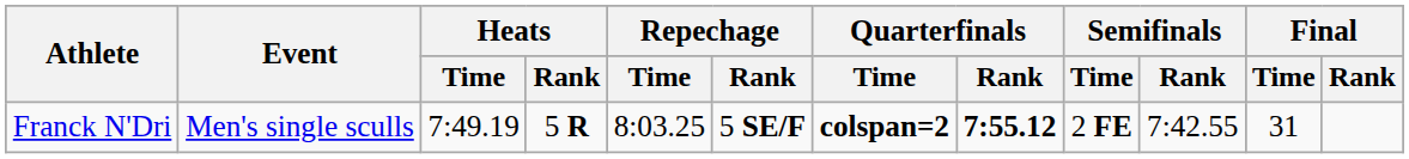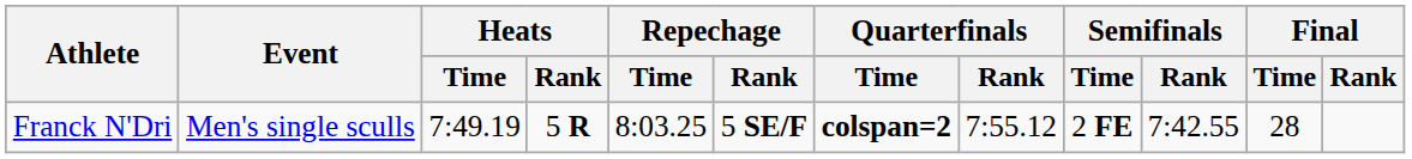 <table class="wikitable" style="font-size:90%">
 <tr>
 <th rowspan="2">Athlete</th>
 <th rowspan="2">Event</th>
 <th colspan="2">Heats</th>
 <th colspan="2">Repechage</th>
 <th colspan="2">Quarterfinals</th>
 <th colspan="2">Semifinals</th>
 <th colspan="2">Final</th>
 </tr>
 <tr style="font-size:95%">
 <th>Time</th>
 <th>Rank</th>
 <th>Time</th>
 <th>Rank</th>
 <th>Time</th>
 <th>Rank</th>
 <th>Time</th>
 <th>Rank</th>
 <th>Time</th>
 <th>Rank</th>
 </tr>
 <tr align=center>
 <td align=left><a href='#'>Franck N'Dri</a></td>
 <td align=left><a href='#'>Men's single sculls</a></td>
 <td>7:49.19</td>
 <td>5 <strong>R</strong></td>
 <td>8:03.25</td>
 <td>5 <strong>SE/F</strong></td>
 <td><strong>colspan=2 </strong></td>
-<td><strong>7:55.12</strong></td>
+<td>7:55.12</td>
 <td>2 <strong>FE</strong></td>
 <td>7:42.55</td>
-<td>31</td>
+<td>28</td>
 </tr>
 </table>
